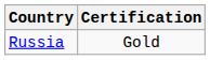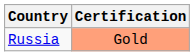 <table class="wikitable">
 <tr>
 <th align="left">Country</th>
 <th align="left">Certification</th>
 </tr>
 <tr>
 <td align="left"><a href='#'>Russia</a></td>
-<td align="center">Gold</td>
+<td align="center" style="background: lightsalmon;">Gold</td>
 </tr>
 </table>
